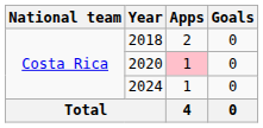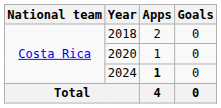 <table class="wikitable" style="text-align:center">
 <tr>
 <th>National team</th>
 <th>Year</th>
 <th>Apps</th>
 <th>Goals</th>
 </tr>
 <tr>
 <td rowspan="3"><a href='#'>Costa Rica</a></td>
 <td>2018</td>
 <td>2</td>
 <td>0</td>
 </tr>
 <tr>
 <td>2020</td>
-<td style="background: pink;">1</td>
+<td>1</td>
 <td>0</td>
 </tr>
 <tr>
 <td>2024</td>
-<td>1</td>
+<td><strong>1</strong></td>
 <td>0</td>
 </tr>
 <tr>
 <th colspan="2">Total</th>
 <th>4</th>
 <th>0</th>
 </tr>
 </table>
